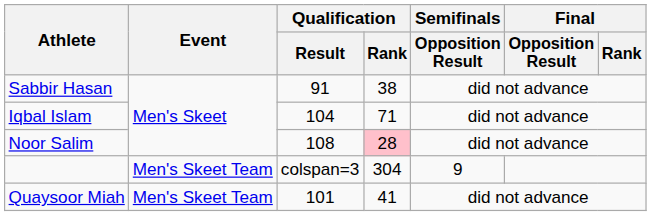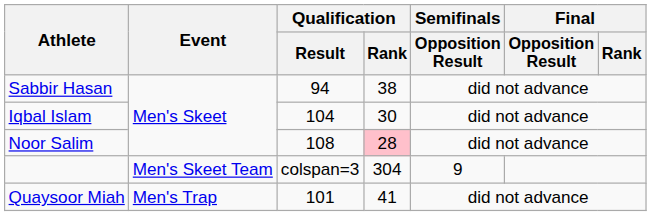 <table class="wikitable" style="font-size:90%">
 <tr>
 <th rowspan="2">Athlete</th>
 <th rowspan="2">Event</th>
 <th colspan=2>Qualification</th>
 <th>Semifinals</th>
 <th colspan=2>Final</th>
 </tr>
 <tr style="font-size:95%">
 <th>Result</th>
 <th>Rank</th>
 <th>Opposition<br>Result</th>
 <th>Opposition<br>Result</th>
 <th>Rank</th>
 </tr>
 <tr align="center">
 <td align=left><a href='#'>Sabbir Hasan</a></td>
 <td align=left rowspan=3><a href='#'>Men's Skeet</a></td>
-<td>91</td>
+<td>94</td>
 <td>38</td>
 <td colspan="3">did not advance</td>
 </tr>
 <tr align="center">
 <td align=left><a href='#'>Iqbal Islam</a></td>
 <td>104</td>
-<td>71</td>
+<td>30</td>
 <td colspan="3">did not advance</td>
 </tr>
 <tr align="center">
 <td align=left><a href='#'>Noor Salim</a></td>
 <td>108</td>
 <td style="background: pink;">28</td>
 <td colspan="3">did not advance</td>
 </tr>
 <tr align=center>
 <td align=left></td>
 <td align=left><a href='#'>Men's Skeet Team</a></td>
 <td>colspan=3 </td>
 <td>304</td>
 <td>9</td>
 </tr>
 <tr align=center>
 <td align=left><a href='#'>Quaysoor Miah</a></td>
-<td align=left><a href='#'>Men's Skeet Team</a></td>
+<td align=left><a href='#'>Men's Trap</a></td>
 <td>101</td>
 <td>41</td>
 <td colspan=3>did not advance</td>
 </tr>
 </table>
